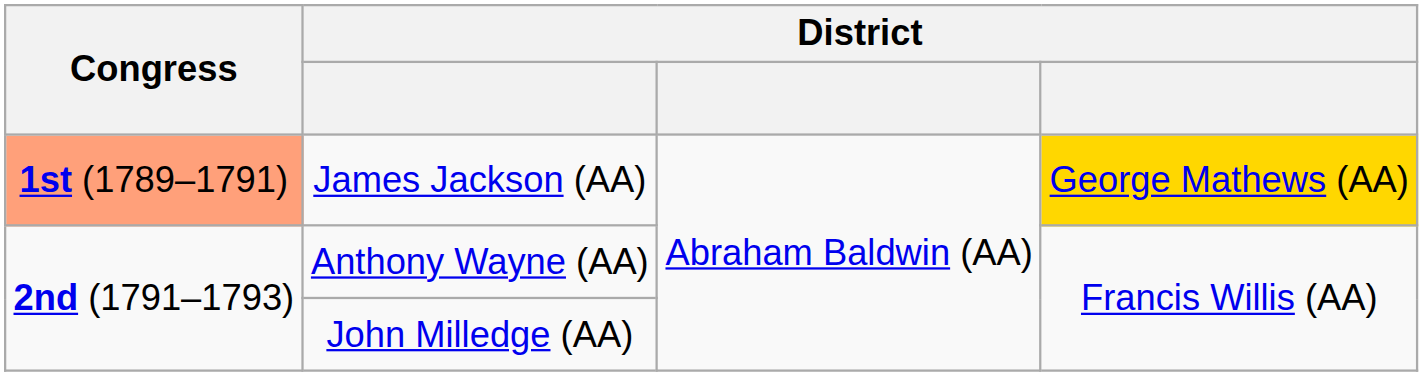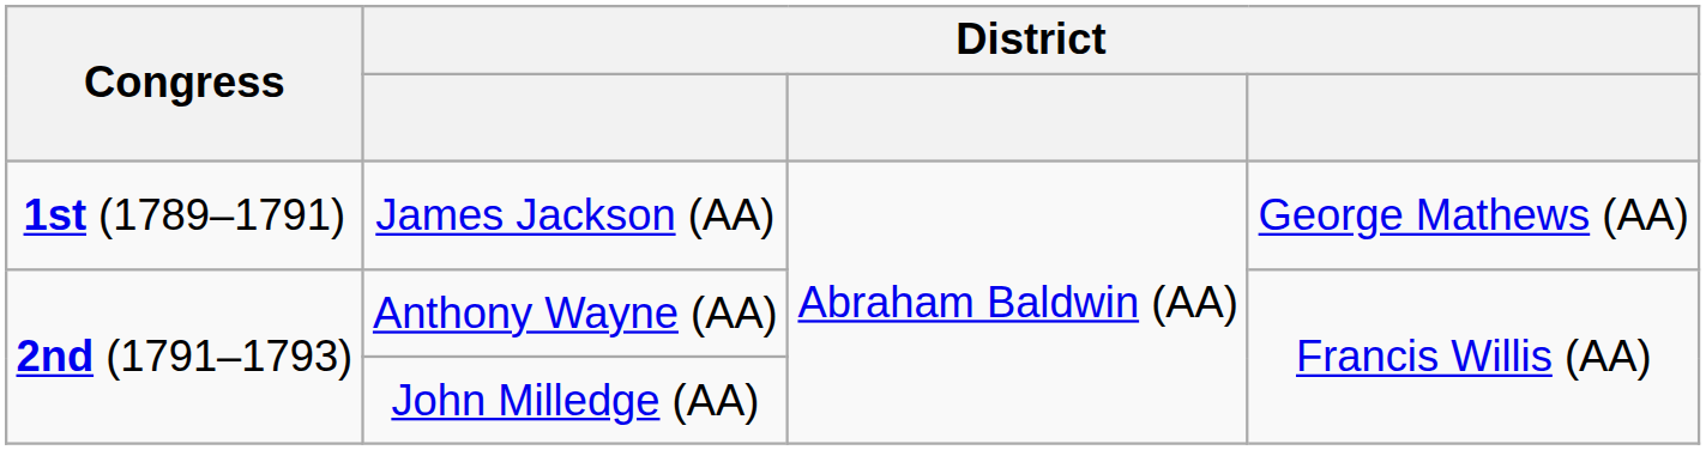 <table class=wikitable style="text-align:center">
 <tr>
 <th rowspan=2>Congress</th>
 <th colspan=3>District</th>
 </tr>
 <tr style="height:2em">
 <th></th>
 <th></th>
 <th></th>
 </tr>
 <tr style="height:2.5em">
-<td style="background: lightsalmon;"><strong><a href='#'>1st</a></strong> (1789–1791)</td>
+<td><strong><a href='#'>1st</a></strong> (1789–1791)</td>
 <td><a href='#'>James Jackson</a> (AA)</td>
 <td rowspan=3 ><a href='#'>Abraham Baldwin</a> (AA)</td>
-<td style="background: gold;"><a href='#'>George Mathews</a> (AA)</td>
+<td><a href='#'>George Mathews</a> (AA)</td>
 </tr>
 <tr style="height:2em">
 <td rowspan=2><strong><a href='#'>2nd</a></strong> (1791–1793)</td>
 <td><a href='#'>Anthony Wayne</a> (AA)</td>
 <td rowspan=2 ><a href='#'>Francis Willis</a> (AA)</td>
 </tr>
 <tr style="height:2em">
 <td><a href='#'>John Milledge</a> (AA)</td>
 </tr>
 </table>
